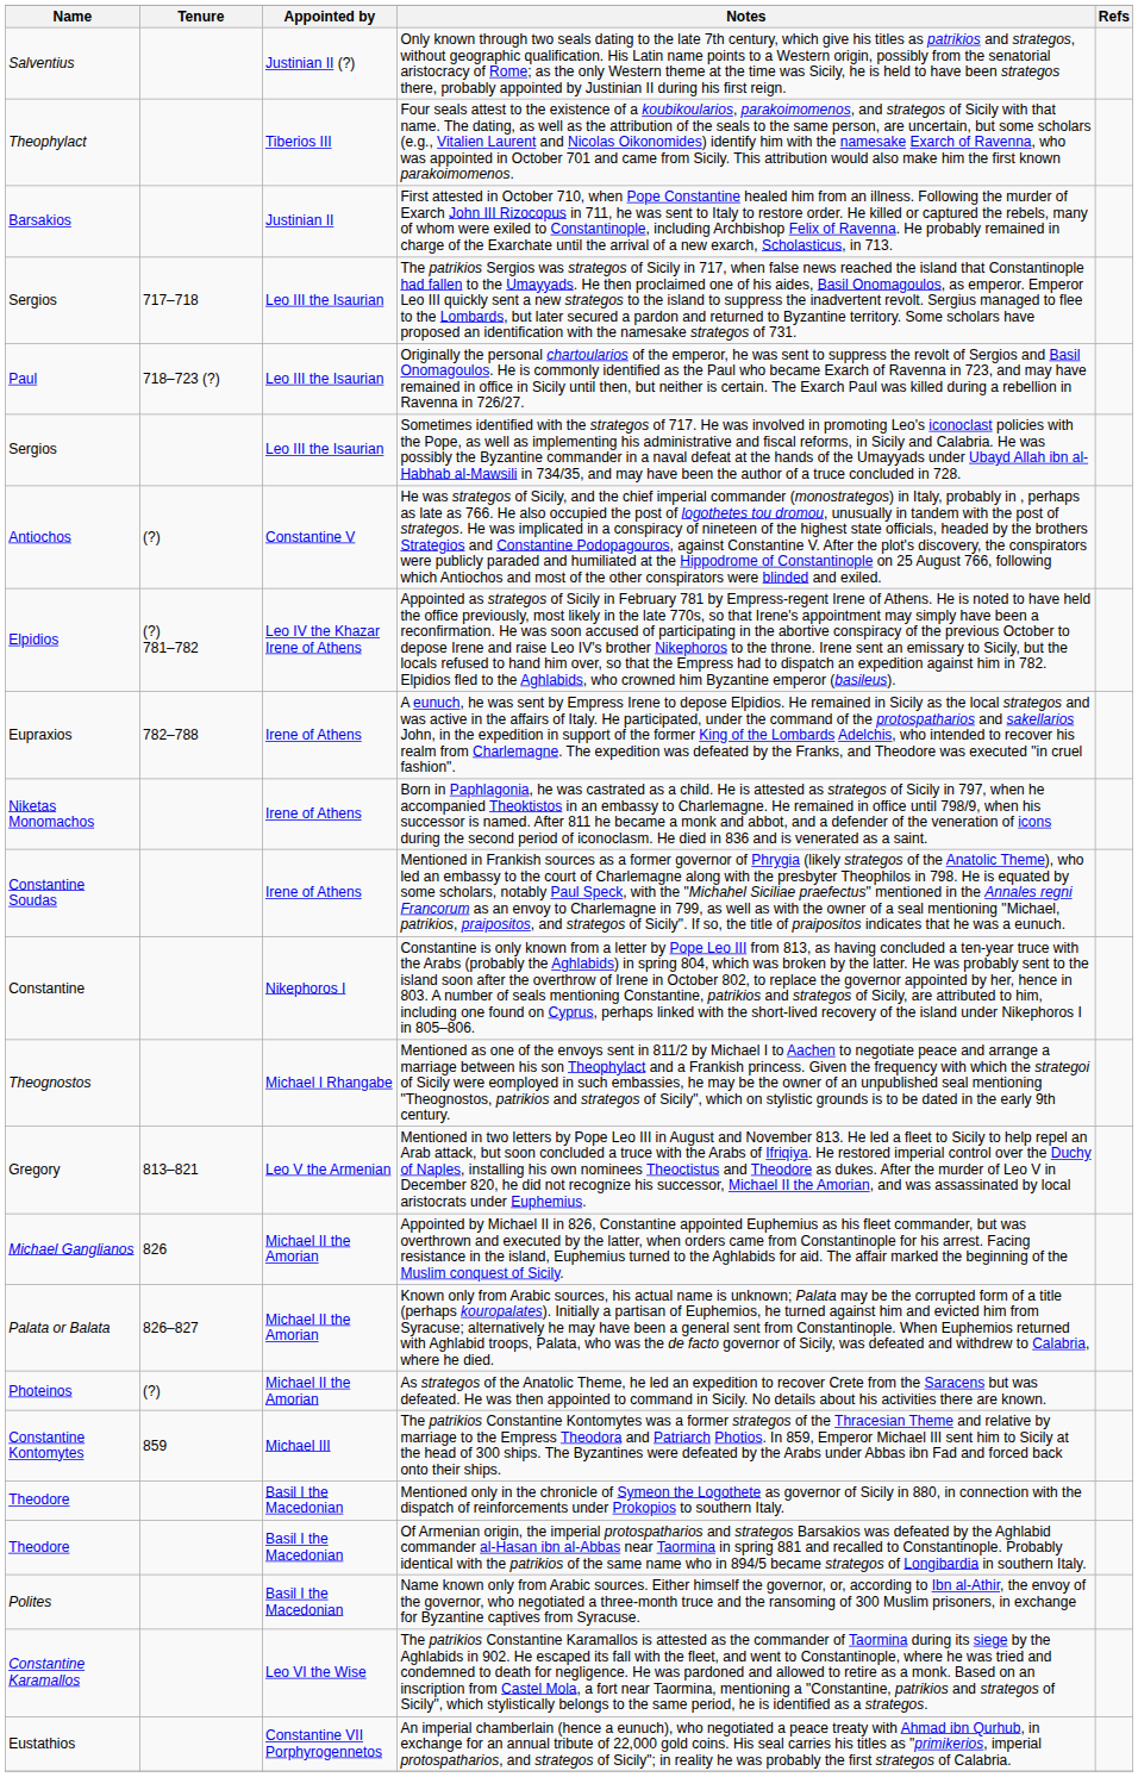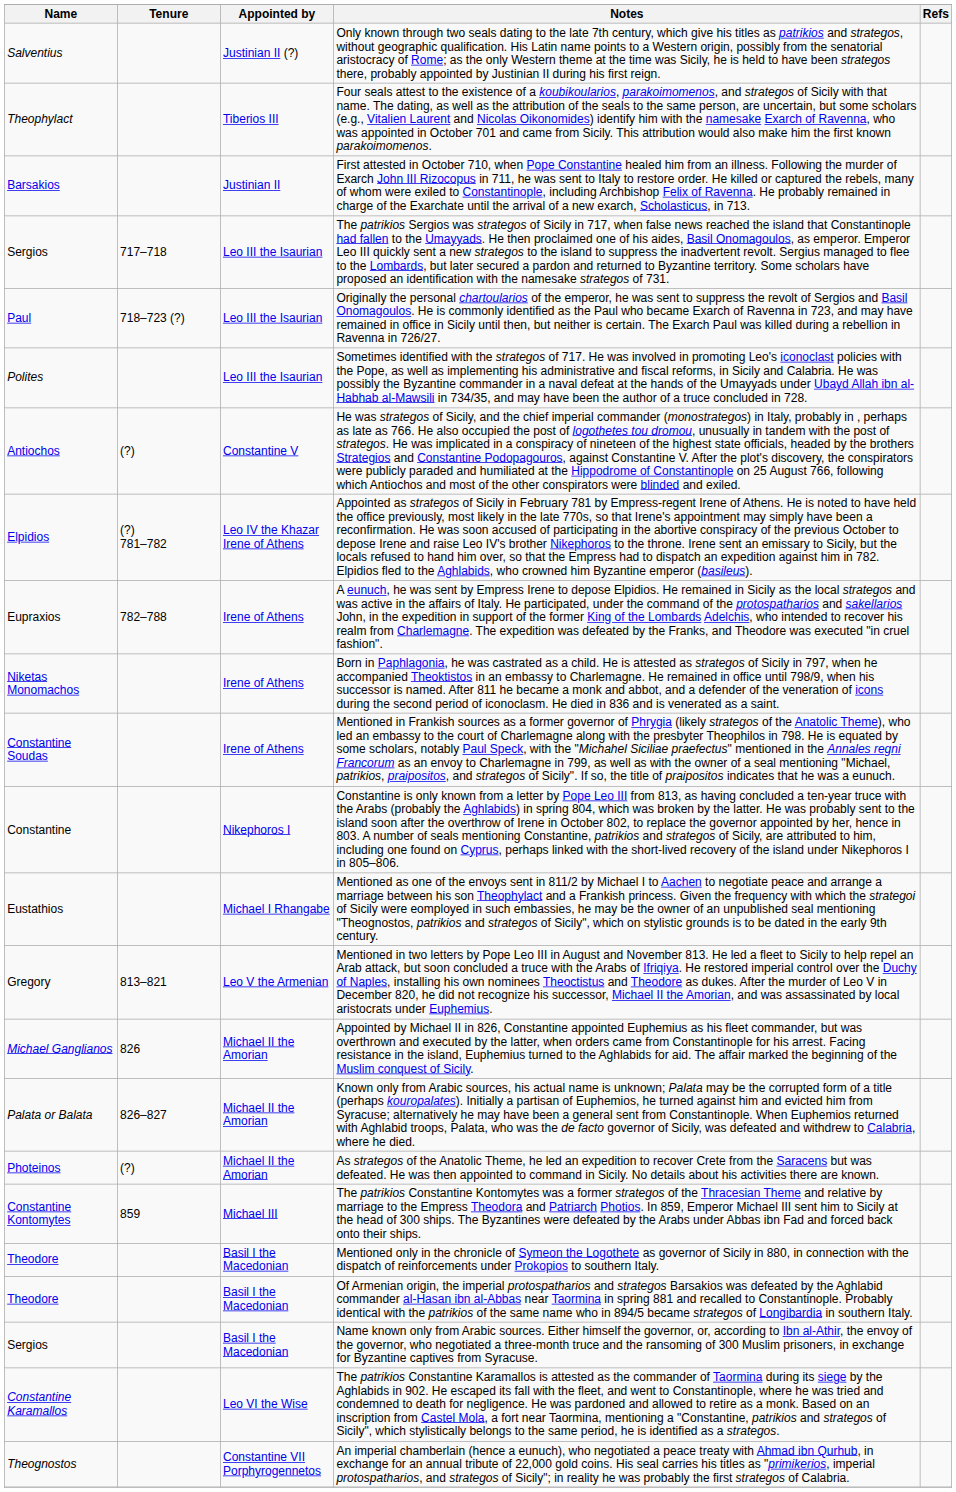 <table class="wikitable"  width="100%">
 <tr bgcolor="#FFDEAD">
 </tr>
 <tr>
 <th width="12%">Name</th>
 <th width="11%">Tenure</th>
 <th width="12%">Appointed by</th>
 <th width="63%">Notes</th>
 <th width="2%">Refs</th>
 </tr>
 <tr>
 <td><em>Salventius</em></td>
 <td></td>
 <td><a href='#'>Justinian II</a> (?)</td>
 <td>Only known through two seals dating to the late 7th century, which give his titles as <em><a href='#'>patrikios</a></em> and <em>strategos</em>, without geographic qualification. His Latin name points to a Western origin, possibly from the senatorial aristocracy of <a href='#'>Rome</a>; as the only Western theme at the time was Sicily, he is held to have been <em>strategos</em> there, probably appointed by Justinian II during his first reign.</td>
 <td></td>
 </tr>
 <tr>
 <td><em>Theophylact</em></td>
 <td></td>
 <td><a href='#'>Tiberios III</a></td>
 <td>Four seals attest to the existence of a <em><a href='#'>koubikoularios</a></em>, <em><a href='#'>parakoimomenos</a></em>, and <em>strategos</em> of Sicily with that name. The dating, as well as the attribution of the seals to the same person, are uncertain, but some scholars (e.g., <a href='#'>Vitalien Laurent</a> and <a href='#'>Nicolas Oikonomides</a>) identify him with the <a href='#'>namesake</a> <a href='#'>Exarch of Ravenna</a>, who was appointed in October 701 and came from Sicily. This attribution would also make him the first known <em>parakoimomenos</em>.</td>
 <td></td>
 </tr>
 <tr>
 <td><a href='#'>Barsakios</a></td>
 <td></td>
 <td><a href='#'>Justinian II</a></td>
 <td>First attested in October 710, when <a href='#'>Pope Constantine</a> healed him from an illness. Following the murder of Exarch <a href='#'>John III Rizocopus</a> in 711, he was sent to Italy to restore order. He killed or captured the rebels, many of whom were exiled to <a href='#'>Constantinople</a>, including Archbishop <a href='#'>Felix of Ravenna</a>. He probably remained in charge of the Exarchate until the arrival of a new exarch, <a href='#'>Scholasticus</a>, in 713.</td>
 <td></td>
 </tr>
 <tr>
 <td>Sergios</td>
 <td>717–718</td>
 <td><a href='#'>Leo III the Isaurian</a></td>
 <td>The <em>patrikios</em> Sergios was <em>strategos</em> of Sicily in 717, when false news reached the island that Constantinople <a href='#'>had fallen</a> to the <a href='#'>Umayyads</a>. He then proclaimed one of his aides, <a href='#'>Basil Onomagoulos</a>, as emperor. Emperor Leo III quickly sent a new <em>strategos</em> to the island to suppress the inadvertent revolt. Sergius managed to flee to the <a href='#'>Lombards</a>, but later secured a pardon and returned to Byzantine territory. Some scholars have proposed an identification with the namesake <em>strategos</em> of 731.</td>
 <td></td>
 </tr>
 <tr>
 <td><a href='#'>Paul</a></td>
 <td>718–723 (?)</td>
 <td><a href='#'>Leo III the Isaurian</a></td>
 <td>Originally the personal <em><a href='#'>chartoularios</a></em> of the emperor, he was sent to suppress the revolt of Sergios and <a href='#'>Basil Onomagoulos</a>. He is commonly identified as the Paul who became Exarch of Ravenna in 723, and may have remained in office in Sicily until then, but neither is certain. The Exarch Paul was killed during a rebellion in Ravenna in 726/27.</td>
 <td></td>
 </tr>
 <tr>
-<td>Sergios</td>
+<td><em>Polites</em></td>
 <td></td>
 <td><a href='#'>Leo III the Isaurian</a></td>
 <td>Sometimes identified with the <em>strategos</em> of 717. He was involved in promoting Leo's <a href='#'>iconoclast</a> policies with the Pope, as well as implementing his administrative and fiscal reforms, in Sicily and Calabria. He was possibly the Byzantine commander in a naval defeat at the hands of the Umayyads under <a href='#'>Ubayd Allah ibn al-Habhab al-Mawsili</a> in 734/35, and may have been the author of a truce concluded in 728.</td>
 <td></td>
 </tr>
 <tr>
 <td><a href='#'>Antiochos</a></td>
 <td> (?)</td>
 <td><a href='#'>Constantine V</a></td>
 <td>He was <em>strategos</em> of Sicily, and the chief imperial commander (<em>monostrategos</em>) in Italy, probably in , perhaps as late as 766. He also occupied the post of <em><a href='#'>logothetes tou dromou</a></em>, unusually in tandem with the post of <em>strategos</em>. He was implicated in a conspiracy of nineteen of the highest state officials, headed by the brothers <a href='#'>Strategios</a> and <a href='#'>Constantine Podopagouros</a>, against Constantine V. After the plot's discovery, the conspirators were publicly paraded and humiliated at the <a href='#'>Hippodrome of Constantinople</a> on 25 August 766, following which Antiochos and most of the other conspirators were <a href='#'>blinded</a> and exiled.</td>
 <td></td>
 </tr>
 <tr>
 <td><a href='#'>Elpidios</a></td>
 <td> (?)<br>781–782</td>
 <td><a href='#'>Leo IV the Khazar</a><br><a href='#'>Irene of Athens</a></td>
 <td>Appointed as <em>strategos</em> of Sicily in February 781 by Empress-regent Irene of Athens. He is noted to have held the office previously, most likely in the late 770s, so that Irene's appointment may simply have been a reconfirmation. He was soon accused of participating in the abortive conspiracy of the previous October to depose Irene and raise Leo IV's brother <a href='#'>Nikephoros</a> to the throne. Irene sent an emissary to Sicily, but the locals refused to hand him over, so that the Empress had to dispatch an expedition against him in 782. Elpidios fled to the <a href='#'>Aghlabids</a>, who crowned him Byzantine emperor (<em><a href='#'>basileus</a></em>).</td>
 <td></td>
 </tr>
 <tr>
 <td>Eupraxios</td>
 <td>782–788</td>
 <td><a href='#'>Irene of Athens</a></td>
 <td>A <a href='#'>eunuch</a>, he was sent by Empress Irene to depose Elpidios. He remained in Sicily as the local <em>strategos</em> and was active in the affairs of Italy. He participated, under the command of the <em><a href='#'>protospatharios</a></em> and <em><a href='#'>sakellarios</a></em> John, in the expedition in support of the former <a href='#'>King of the Lombards</a> <a href='#'>Adelchis</a>, who intended to recover his realm from <a href='#'>Charlemagne</a>. The expedition was defeated by the Franks, and Theodore was executed "in cruel fashion".</td>
 <td></td>
 </tr>
 <tr>
 <td><a href='#'>Niketas Monomachos</a></td>
 <td></td>
 <td><a href='#'>Irene of Athens</a></td>
 <td>Born in <a href='#'>Paphlagonia</a>, he was castrated as a child. He is attested as <em>strategos</em> of Sicily in 797, when he accompanied <a href='#'>Theoktistos</a> in an embassy to Charlemagne. He remained in office until 798/9, when his successor is named. After 811 he became a monk and abbot, and a defender of the veneration of <a href='#'>icons</a> during the second period of iconoclasm. He died in 836 and is venerated as a saint.</td>
 <td></td>
 </tr>
 <tr>
 <td><a href='#'>Constantine Soudas</a></td>
 <td></td>
 <td><a href='#'>Irene of Athens</a></td>
 <td>Mentioned in Frankish sources as a former governor of <a href='#'>Phrygia</a> (likely <em>strategos</em> of the <a href='#'>Anatolic Theme</a>), who led an embassy to the court of Charlemagne along with the presbyter Theophilos in 798. He is equated by some scholars, notably <a href='#'>Paul Speck</a>, with the "<em>Michahel Siciliae praefectus</em>" mentioned in the <em><a href='#'>Annales regni Francorum</a></em> as an envoy to Charlemagne in 799, as well as with the owner of a seal mentioning "Michael, <em>patrikios</em>, <em><a href='#'>praipositos</a></em>, and <em>strategos</em> of Sicily". If so, the title of <em>praipositos</em> indicates that he was a eunuch.</td>
 <td></td>
 </tr>
 <tr>
 <td>Constantine</td>
 <td></td>
 <td><a href='#'>Nikephoros I</a></td>
 <td>Constantine is only known from a letter by <a href='#'>Pope Leo III</a> from 813, as having concluded a ten-year truce with the Arabs (probably the <a href='#'>Aghlabids</a>) in spring 804, which was broken by the latter. He was probably sent to the island soon after the overthrow of Irene in October 802, to replace the governor appointed by her, hence in 803. A number of seals mentioning Constantine, <em>patrikios</em> and <em>strategos</em> of Sicily, are attributed to him, including one found on <a href='#'>Cyprus</a>, perhaps linked with the short-lived recovery of the island under Nikephoros I in 805–806.</td>
 <td></td>
 </tr>
 <tr>
-<td><em>Theognostos</em></td>
+<td>Eustathios</td>
 <td></td>
 <td><a href='#'>Michael I Rhangabe</a></td>
 <td>Mentioned as one of the envoys sent in 811/2 by Michael I to <a href='#'>Aachen</a> to negotiate peace and arrange a marriage between his son <a href='#'>Theophylact</a> and a Frankish princess. Given the frequency with which the <em>strategoi</em> of Sicily were eomployed in such embassies, he may be the owner of an unpublished seal mentioning "Theognostos, <em>patrikios</em> and <em>strategos</em> of Sicily", which on stylistic grounds is to be dated in the early 9th century.</td>
 <td></td>
 </tr>
 <tr>
 <td>Gregory</td>
 <td>813–821</td>
 <td><a href='#'>Leo V the Armenian</a></td>
 <td>Mentioned in two letters by Pope Leo III in August and November 813. He led a fleet to Sicily to help repel an Arab attack, but soon concluded a truce with the Arabs of <a href='#'>Ifriqiya</a>. He restored imperial control over the <a href='#'>Duchy of Naples</a>, installing his own nominees <a href='#'>Theoctistus</a> and <a href='#'>Theodore</a> as dukes. After the murder of Leo V in December 820, he did not recognize his successor, <a href='#'>Michael II the Amorian</a>, and was assassinated by local aristocrats under <a href='#'>Euphemius</a>.</td>
 <td></td>
 </tr>
 <tr>
 <td><em><a href='#'>Michael Ganglianos</a></em></td>
 <td>826</td>
 <td><a href='#'>Michael II the Amorian</a></td>
 <td>Appointed by Michael II in 826, Constantine appointed Euphemius as his fleet commander, but was overthrown and executed by the latter, when orders came from Constantinople for his arrest. Facing resistance in the island, Euphemius turned to the Aghlabids for aid. The affair marked the beginning of the <a href='#'>Muslim conquest of Sicily</a>.</td>
 <td></td>
 </tr>
 <tr>
 <td><em>Palata or Balata</em></td>
 <td>826–827</td>
 <td><a href='#'>Michael II the Amorian</a></td>
 <td>Known only from Arabic sources, his actual name is unknown; <em>Palata</em> may be the corrupted form of a title (perhaps <em><a href='#'>kouropalates</a></em>). Initially a partisan of Euphemios, he turned against him and evicted him from Syracuse; alternatively he may have been a general sent from Constantinople. When Euphemios returned with Aghlabid troops, Palata, who was the <em>de facto</em> governor of Sicily, was defeated and withdrew to <a href='#'>Calabria</a>, where he died.</td>
 <td></td>
 </tr>
 <tr>
 <td><a href='#'>Photeinos</a></td>
 <td> (?)</td>
 <td><a href='#'>Michael II the Amorian</a></td>
 <td>As <em>strategos</em> of the Anatolic Theme, he led an expedition to recover Crete from the <a href='#'>Saracens</a> but was defeated. He was then appointed to command in Sicily. No details about his activities there are known.</td>
 <td></td>
 </tr>
 <tr>
 <td><a href='#'>Constantine Kontomytes</a></td>
 <td>859</td>
 <td><a href='#'>Michael III</a></td>
 <td>The <em>patrikios</em> Constantine Kontomytes was a former <em>strategos</em> of the <a href='#'>Thracesian Theme</a> and relative by marriage to the Empress <a href='#'>Theodora</a> and <a href='#'>Patriarch</a> <a href='#'>Photios</a>. In 859, Emperor Michael III sent him to Sicily at the head of 300 ships. The Byzantines were defeated by the Arabs under Abbas ibn Fad and forced back onto their ships.</td>
 <td></td>
 </tr>
 <tr>
 <td><a href='#'>Theodore</a></td>
 <td></td>
 <td><a href='#'>Basil I the Macedonian</a></td>
 <td>Mentioned only in the chronicle of <a href='#'>Symeon the Logothete</a> as governor of Sicily in 880, in connection with the dispatch of reinforcements under <a href='#'>Prokopios</a> to southern Italy.</td>
 <td></td>
 </tr>
 <tr>
 <td><a href='#'>Theodore</a></td>
 <td></td>
 <td><a href='#'>Basil I the Macedonian</a></td>
 <td>Of Armenian origin, the imperial <em>protospatharios</em> and <em>strategos</em> Barsakios was defeated by the Aghlabid commander <a href='#'>al-Hasan ibn  al-Abbas</a> near <a href='#'>Taormina</a> in spring 881 and recalled to Constantinople. Probably identical with the <em>patrikios</em> of the same name who in 894/5 became <em>strategos</em> of <a href='#'>Longibardia</a> in southern Italy.</td>
 <td></td>
 </tr>
 <tr>
-<td><em>Polites</em></td>
+<td>Sergios</td>
 <td></td>
 <td><a href='#'>Basil I the Macedonian</a></td>
 <td>Name known only from Arabic sources. Either himself the governor, or, according to <a href='#'>Ibn al-Athir</a>, the envoy of the governor, who negotiated a three-month truce and the ransoming of 300 Muslim prisoners, in exchange for Byzantine captives from Syracuse.</td>
 <td></td>
 </tr>
 <tr>
 <td><em><a href='#'>Constantine Karamallos</a></em></td>
 <td></td>
 <td><a href='#'>Leo VI the Wise</a></td>
 <td>The <em>patrikios</em> Constantine Karamallos is attested as the commander of <a href='#'>Taormina</a> during its <a href='#'>siege</a> by the Aghlabids in 902. He escaped its fall with the fleet, and went to Constantinople, where he was tried and condemned to death for negligence. He was pardoned and allowed to retire as a monk. Based on an inscription from <a href='#'>Castel Mola</a>, a fort near Taormina, mentioning a "Constantine, <em>patrikios</em> and <em>strategos</em> of Sicily", which stylistically belongs to the same period, he is identified as a <em>strategos</em>.</td>
 <td></td>
 </tr>
 <tr>
-<td>Eustathios</td>
+<td><em>Theognostos</em></td>
 <td></td>
 <td><a href='#'>Constantine VII Porphyrogennetos</a></td>
 <td>An imperial chamberlain (hence a eunuch), who negotiated a peace treaty with <a href='#'>Ahmad ibn Qurhub</a>, in exchange for an annual tribute of 22,000 gold coins. His seal carries his titles as "<em><a href='#'>primikerios</a></em>, imperial <em>protospatharios</em>, and <em>strategos</em> of Sicily"; in reality he was probably the first <em>strategos</em> of Calabria.</td>
 <td></td>
 </tr>
 <tr>
 </tr>
 </table>
